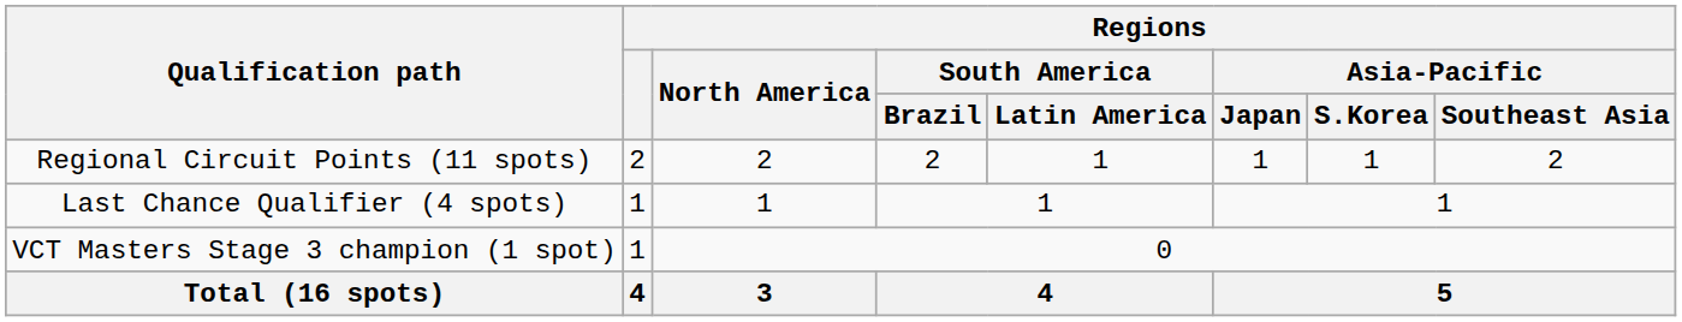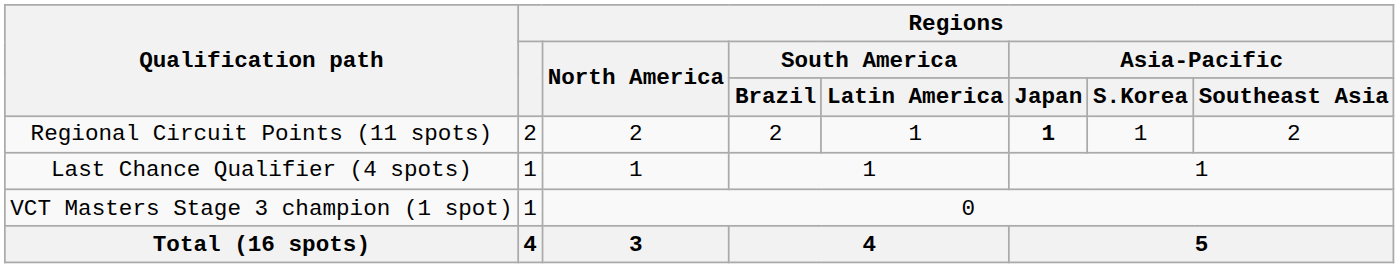 <table class="wikitable" style="text-align:center">
 <tr>
 <th rowspan="3">Qualification path</th>
 <th colspan="7">Regions</th>
 </tr>
 <tr>
 <th rowspan="2"></th>
 <th rowspan="2">North America</th>
 <th colspan="2">South America</th>
 <th colspan="3">Asia-Pacific</th>
 </tr>
 <tr>
 <th>Brazil</th>
 <th>Latin America</th>
 <th>Japan</th>
 <th>S.Korea</th>
 <th>Southeast Asia</th>
 </tr>
 <tr>
 <td style="text-align:center">Regional Circuit Points (11 spots)</td>
 <td>2</td>
 <td>2</td>
 <td>2</td>
 <td>1</td>
-<td>1</td>
+<td><strong>1</strong></td>
 <td>1</td>
 <td>2</td>
 </tr>
 <tr>
 <td style="text-align:center">Last Chance Qualifier (4 spots)</td>
 <td>1</td>
 <td>1</td>
 <td colspan="2">1</td>
 <td colspan="3">1</td>
 </tr>
 <tr>
 <td>VCT Masters Stage 3 champion (1 spot)</td>
 <td>1</td>
 <td colspan="6">0</td>
 </tr>
 <tr>
 <th>Total (16 spots)</th>
 <th>4</th>
 <th>3</th>
 <th colspan="2">4</th>
 <th colspan="3">5</th>
 </tr>
 </table>
